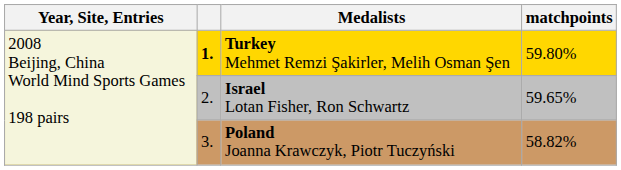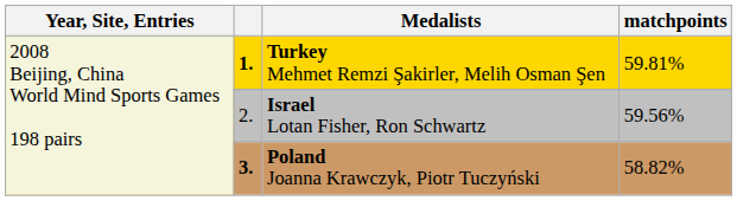 <table class="wikitable">
 <tr>
 <th>Year, Site, Entries</th>
 <th></th>
 <th>Medalists</th>
 <th>matchpoints</th>
 </tr>
 <tr bgcolor="gold">
 <td rowspan=3 bgcolor="beige" valign="Top">2008<br>Beijing, China <br>World Mind Sports Games   <br> <br>198 pairs</td>
 <td><strong>1. </strong></td>
 <td> <strong>Turkey</strong> <br>Mehmet Remzi Şakirler, Melih Osman Şen  </td>
-<td>59.80%</td>
+<td>59.81%</td>
 </tr>
 <tr bgcolor="silver">
 <td>2.</td>
 <td> <strong>Israel</strong> <br>Lotan Fisher, Ron Schwartz</td>
-<td>59.65%</td>
+<td>59.56%</td>
 </tr>
 <tr bgcolor="cc9966">
-<td>3.</td>
+<td><strong>3.</strong></td>
 <td> <strong>Poland</strong> <br>Joanna Krawczyk, Piotr Tuczyński</td>
 <td>58.82%</td>
 </tr>
 </table>
